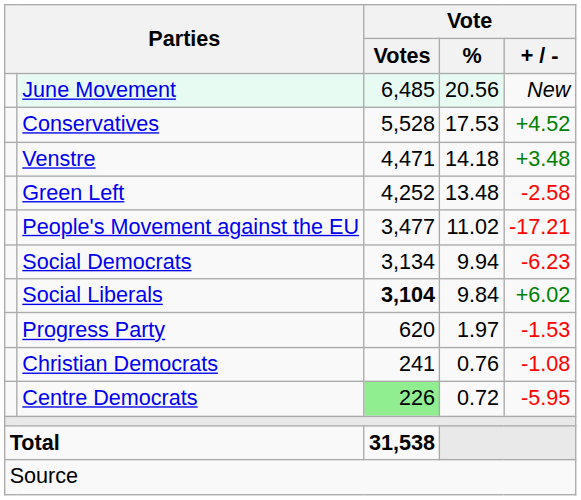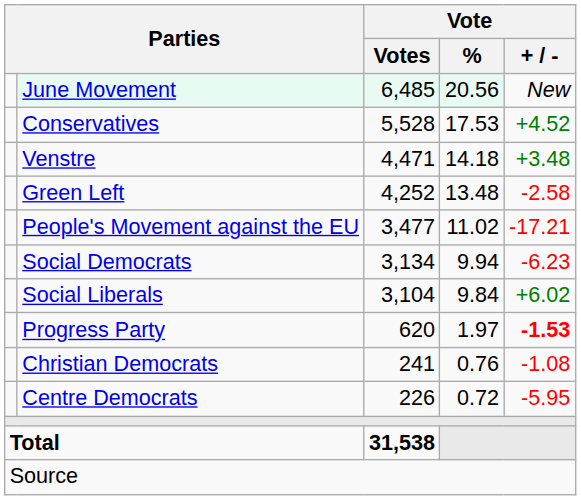 <table class="wikitable" style="text-align:right;">
 <tr>
 <th style="text-align:centre;" rowspan="2" colspan="2" width="225">Parties</th>
 <th colspan="3">Vote</th>
 </tr>
 <tr>
 <th width="15">Votes</th>
 <th width="15">%</th>
 <th width="15">+ / -</th>
 </tr>
 <tr>
 <td width="2" style="color:inherit;background:"></td>
 <td bgcolor=#e8fbf3   align="left"><a href='#'>June Movement</a></td>
 <td bgcolor=#e8fbf3>6,485</td>
 <td bgcolor=#e8fbf3>20.56</td>
 <td><em>New</em></td>
 </tr>
 <tr>
 <td width="2" style="color:inherit;background:"></td>
 <td align="left"><a href='#'>Conservatives</a></td>
 <td>5,528</td>
 <td>17.53</td>
 <td style=color:green;>+4.52</td>
 </tr>
 <tr>
 <td width="2" style="color:inherit;background:"></td>
 <td align="left"><a href='#'>Venstre</a></td>
 <td>4,471</td>
 <td>14.18</td>
 <td style=color:green;>+3.48</td>
 </tr>
 <tr>
 <td width="2" style="color:inherit;background:"></td>
 <td align="left"><a href='#'>Green Left</a></td>
 <td>4,252</td>
 <td>13.48</td>
 <td style=color:red;>-2.58</td>
 </tr>
 <tr>
 <td width="2" style="color:inherit;background:"></td>
 <td align="left"><a href='#'>People's Movement against the EU</a></td>
 <td>3,477</td>
 <td>11.02</td>
 <td style=color:red;>-17.21</td>
 </tr>
 <tr>
 <td width="2" style="color:inherit;background:"></td>
 <td align="left"><a href='#'>Social Democrats</a></td>
 <td>3,134</td>
 <td>9.94</td>
 <td style=color:red;>-6.23</td>
 </tr>
 <tr>
 <td width="2" style="color:inherit;background:"></td>
 <td align="left"><a href='#'>Social Liberals</a></td>
-<td><strong>3,104</strong></td>
+<td>3,104</td>
 <td>9.84</td>
 <td style=color:green;>+6.02</td>
 </tr>
 <tr>
 <td width="2" style="color:inherit;background:"></td>
 <td align="left"><a href='#'>Progress Party</a></td>
 <td>620</td>
 <td>1.97</td>
-<td style=color:red;>-1.53</td>
+<td style=color:red;><strong>-1.53</strong></td>
 </tr>
 <tr>
 <td width="2" style="color:inherit;background:"></td>
 <td align="left"><a href='#'>Christian Democrats</a></td>
 <td>241</td>
 <td>0.76</td>
 <td style=color:red;>-1.08</td>
 </tr>
 <tr>
 <td width="2" style="color:inherit;background:"></td>
 <td align="left"><a href='#'>Centre Democrats</a></td>
-<td style="background: lightgreen;">226</td>
+<td>226</td>
 <td>0.72</td>
 <td style=color:red;>-5.95</td>
 </tr>
 <tr>
 <td colspan="7" bgcolor="#E9E9E9"></td>
 </tr>
 <tr>
 <td align="left" colspan="2"><strong>Total</strong></td>
 <td><strong>31,538</strong></td>
 <td bgcolor="#E9E9E9" colspan="2"></td>
 </tr>
 <tr>
 <td align="left" colspan="6">Source</td>
 </tr>
 </table>
